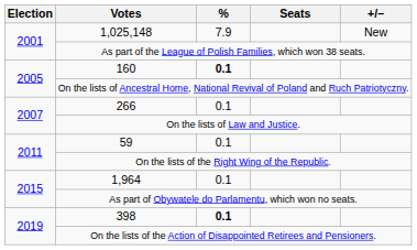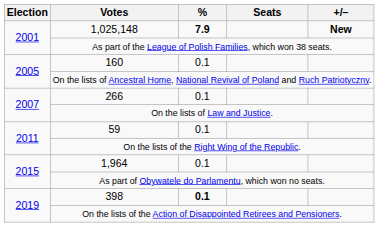 <table class=wikitable style=text-align:center>
 <tr>
 <th>Election</th>
 <th>Votes</th>
 <th>%</th>
 <th>Seats</th>
 <th>+/–</th>
 </tr>
 <tr>
 <td rowspan="2"><a href='#'>2001</a></td>
 <td>1,025,148</td>
-<td>7.9</td>
+<td><strong>7.9</strong></td>
 <td></td>
-<td>New</td>
+<td><strong>New</strong></td>
 </tr>
 <tr>
 <td colspan=7><small>As part of the <a href='#'>League of Polish Families</a>, which won 38 seats.</small></td>
 </tr>
 <tr>
 <td rowspan="2"><a href='#'>2005</a></td>
 <td>160</td>
-<td><strong>0.1</strong></td>
+<td>0.1</td>
 <td></td>
 <td></td>
 </tr>
 <tr>
 <td colspan=7><small>On the lists of <a href='#'>Ancestral Home</a>, <a href='#'>National Revival of Poland</a> and <a href='#'>Ruch Patriotyczny</a>.</small></td>
 </tr>
 <tr>
 <td rowspan="2"><a href='#'>2007</a></td>
 <td>266</td>
 <td>0.1</td>
 <td></td>
 <td></td>
 </tr>
 <tr>
 <td colspan=7><small>On the lists of <a href='#'>Law and Justice</a>.</small></td>
 </tr>
 <tr>
 <td rowspan="2"><a href='#'>2011</a></td>
 <td>59</td>
 <td>0.1</td>
 <td></td>
 <td></td>
 </tr>
 <tr>
 <td colspan=7><small>On the lists of the <a href='#'>Right Wing of the Republic</a>.</small></td>
 </tr>
 <tr>
 <td rowspan="2"><a href='#'>2015</a></td>
 <td>1,964</td>
 <td>0.1</td>
 <td></td>
 <td></td>
 </tr>
 <tr>
 <td colspan=7><small>As part of <a href='#'>Obywatele do Parlamentu</a>, which won no seats.</small></td>
 </tr>
 <tr>
 <td rowspan="2"><a href='#'>2019</a></td>
 <td>398</td>
 <td><strong>0.1</strong></td>
 <td></td>
 <td></td>
 </tr>
 <tr>
 <td colspan=7><small>On the lists of the <a href='#'>Action of Disappointed Retirees and Pensioners</a>.</small></td>
 </tr>
 </table>
